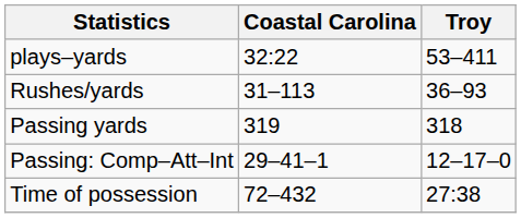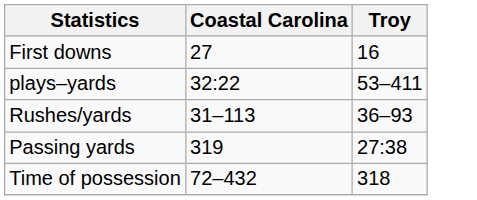 <table class="wikitable" style="float: left;">
 <tr>
 <th>Statistics</th>
 <th>Coastal Carolina</th>
 <th>Troy</th>
+</tr>
+<tr>
+<td>First downs</td>
+<td>27</td>
+<td>16</td>
 </tr>
 <tr>
 <td>plays–yards</td>
 <td>32:22</td>
 <td>53–411</td>
 </tr>
 <tr>
 <td>Rushes/yards</td>
 <td>31–113</td>
 <td>36–93</td>
 </tr>
 <tr>
 <td>Passing yards</td>
 <td>319</td>
-<td>318</td>
-</tr>
-<tr>
-<td>Passing: Comp–Att–Int</td>
-<td>29–41–1</td>
-<td>12–17–0</td>
+<td>27:38</td>
 </tr>
 <tr>
 <td>Time of possession</td>
 <td>72–432</td>
-<td>27:38</td>
+<td>318</td>
 </tr>
 <tr>
 </tr>
 </table>
